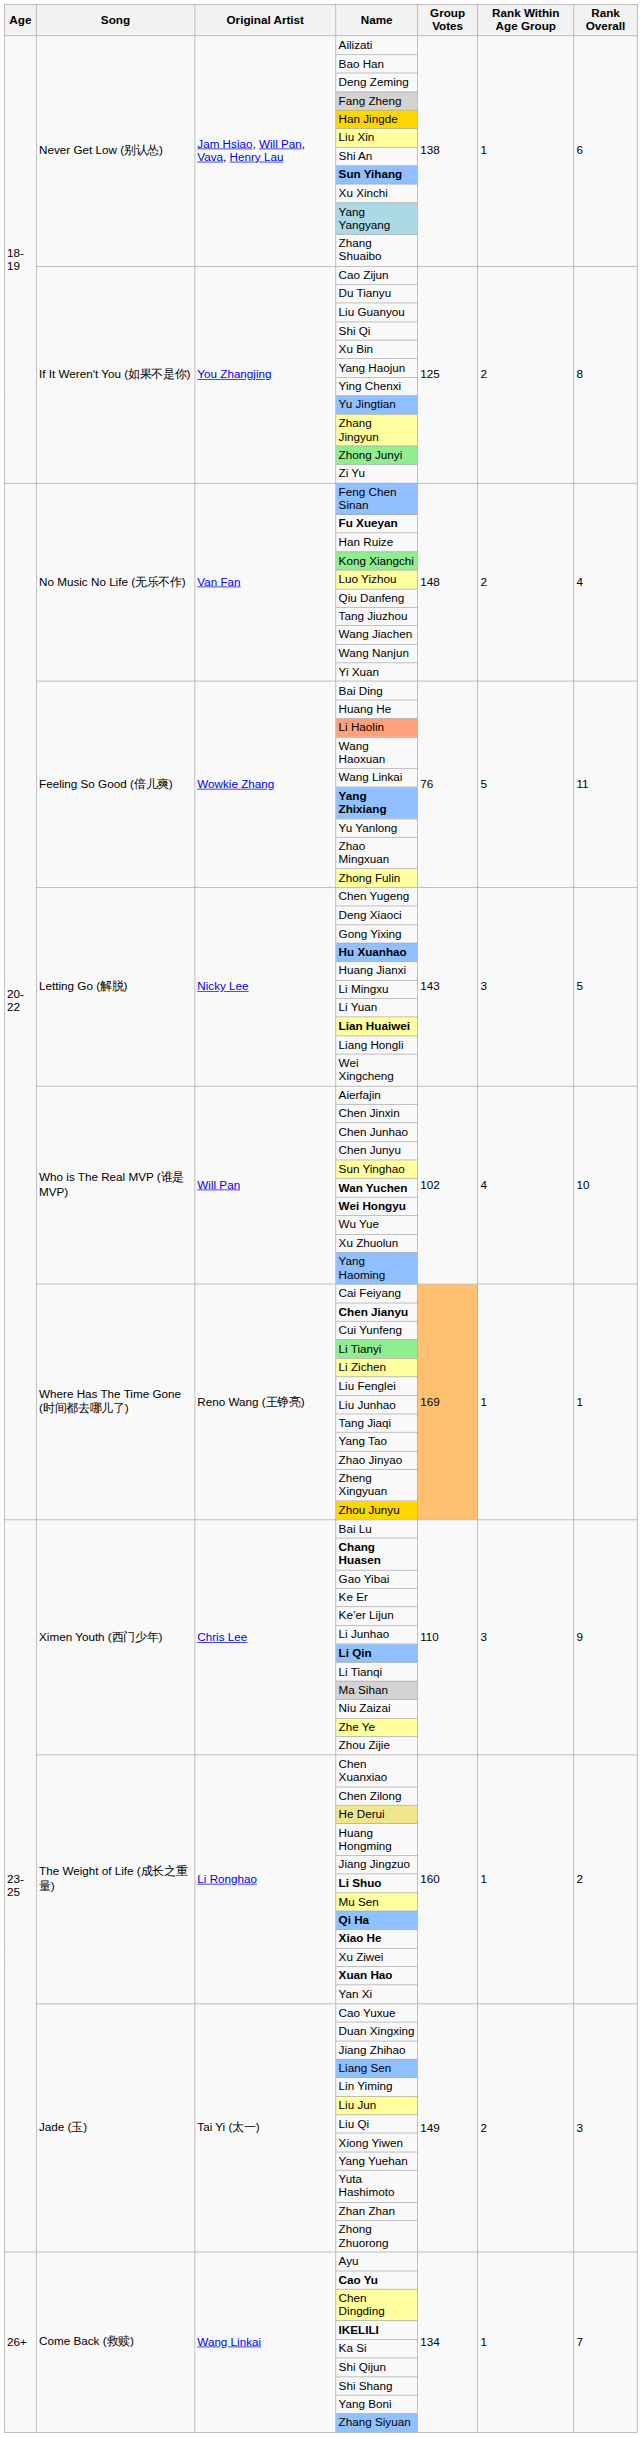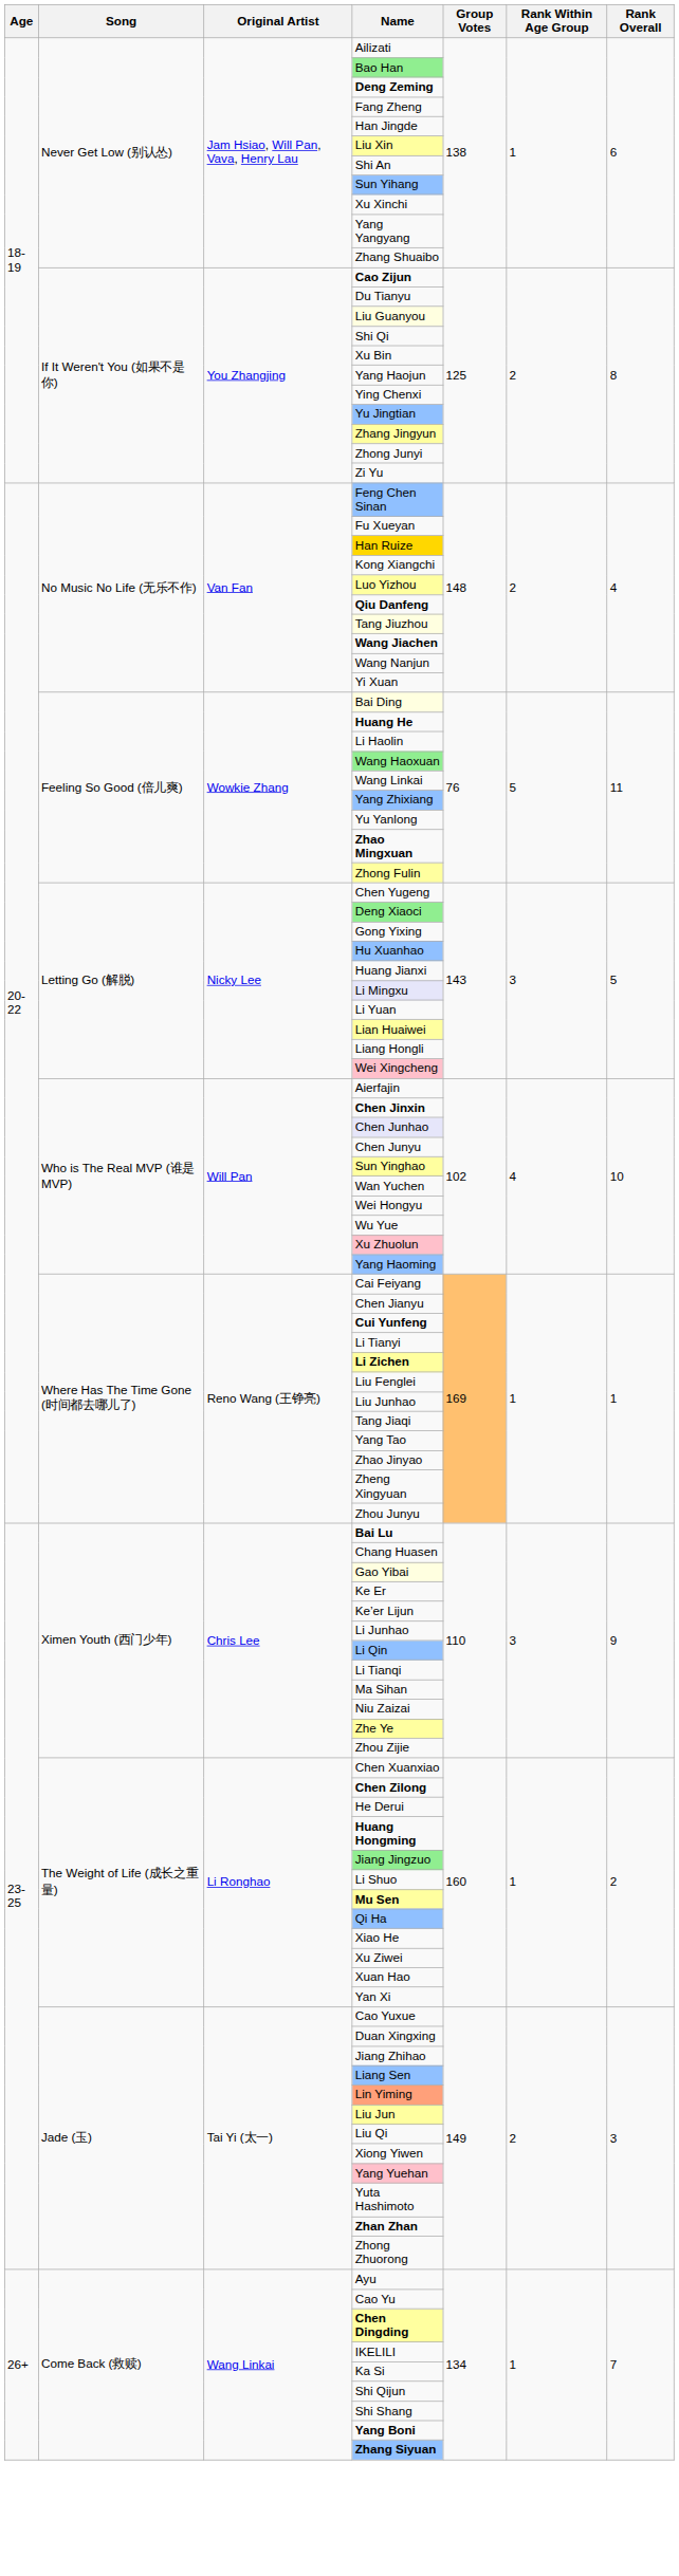 <table class="wikitable sortable mw-collapsible">
 <tr>
 <th>Age</th>
 <th>Song</th>
 <th>Original Artist</th>
 <th>Name</th>
 <th>Group Votes</th>
 <th>Rank Within Age Group</th>
 <th>Rank Overall</th>
 </tr>
 <tr>
 <td rowspan="22">18-19</td>
 <td rowspan="11">Never Get Low (别认怂)</td>
 <td rowspan="11"><a href='#'>Jam Hsiao</a>, <a href='#'>Will Pan</a>, <a href='#'>Vava</a>, <a href='#'>Henry Lau</a></td>
 <td>Ailizati</td>
 <td rowspan="11">138</td>
 <td rowspan="11">1</td>
 <td rowspan="11">6</td>
 </tr>
 <tr>
-<td>Bao Han</td>
+<td style="background: lightgreen;">Bao Han</td>
 </tr>
 <tr>
-<td>Deng Zeming</td>
+<td><strong>Deng Zeming</strong></td>
 </tr>
 <tr>
-<td style="background: lightgrey;">Fang Zheng</td>
+<td>Fang Zheng</td>
 </tr>
 <tr>
-<td style="background: gold;">Han Jingde</td>
+<td>Han Jingde</td>
 </tr>
 <tr>
 <td style="background:#FFFF9F">Liu Xin</td>
 </tr>
 <tr>
 <td>Shi An</td>
 </tr>
 <tr>
-<td style="background:#90C0FF"><strong>Sun Yihang</strong></td>
+<td style="background:#90C0FF">Sun Yihang</td>
 </tr>
 <tr>
 <td>Xu Xinchi</td>
 </tr>
 <tr>
-<td style="background: lightblue;">Yang Yangyang</td>
+<td>Yang Yangyang</td>
 </tr>
 <tr>
 <td>Zhang Shuaibo</td>
 </tr>
 <tr>
 <td rowspan="11">If It Weren't You (如果不是你)</td>
 <td rowspan="11"><a href='#'>You Zhangjing</a></td>
-<td>Cao Zijun</td>
+<td><strong>Cao Zijun</strong></td>
 <td rowspan="11">125</td>
 <td rowspan="11">2</td>
 <td rowspan="11">8</td>
 </tr>
 <tr>
 <td>Du Tianyu</td>
 </tr>
 <tr>
-<td>Liu Guanyou</td>
+<td style="background: lightyellow;">Liu Guanyou</td>
 </tr>
 <tr>
 <td>Shi Qi</td>
 </tr>
 <tr>
 <td>Xu Bin</td>
 </tr>
 <tr>
 <td>Yang Haojun</td>
 </tr>
 <tr>
 <td>Ying Chenxi</td>
 </tr>
 <tr>
 <td style="background:#90C0FF">Yu Jingtian</td>
 </tr>
 <tr>
 <td style="background:#FFFF9F">Zhang Jingyun</td>
 </tr>
 <tr>
-<td style="background: lightgreen;">Zhong Junyi</td>
+<td>Zhong Junyi</td>
 </tr>
 <tr>
 <td>Zi Yu</td>
 </tr>
 <tr>
 <td rowspan="51">20-22</td>
 <td rowspan="10">No Music No Life (无乐不作)</td>
 <td rowspan="10"><a href='#'>Van Fan</a></td>
 <td style="background:#90C0FF">Feng Chen Sinan</td>
 <td rowspan="10">148</td>
 <td rowspan="10">2</td>
 <td rowspan="10">4</td>
 </tr>
 <tr>
-<td><strong>Fu Xueyan</strong></td>
+<td>Fu Xueyan</td>
 </tr>
 <tr>
-<td>Han Ruize</td>
+<td style="background: gold;">Han Ruize</td>
 </tr>
 <tr>
-<td style="background: lightgreen;">Kong Xiangchi</td>
+<td>Kong Xiangchi</td>
 </tr>
 <tr>
 <td style="background:#FFFF9F">Luo Yizhou</td>
 </tr>
 <tr>
-<td>Qiu Danfeng</td>
+<td><strong>Qiu Danfeng</strong></td>
 </tr>
 <tr>
-<td>Tang Jiuzhou</td>
+<td style="background: lightyellow;">Tang Jiuzhou</td>
 </tr>
 <tr>
-<td>Wang Jiachen</td>
+<td><strong>Wang Jiachen</strong></td>
 </tr>
 <tr>
 <td>Wang Nanjun</td>
 </tr>
 <tr>
 <td>Yi Xuan</td>
 </tr>
 <tr>
 <td rowspan="9">Feeling So Good (倍儿爽)</td>
 <td rowspan="9"><a href='#'>Wowkie Zhang</a></td>
-<td>Bai Ding</td>
+<td style="background: lightyellow;">Bai Ding</td>
 <td rowspan="9">76</td>
 <td rowspan="9">5</td>
 <td rowspan="9">11</td>
 </tr>
 <tr>
-<td>Huang He</td>
+<td><strong>Huang He</strong></td>
 </tr>
 <tr>
-<td style="background: lightsalmon;">Li Haolin</td>
+<td>Li Haolin</td>
 </tr>
 <tr>
-<td>Wang Haoxuan</td>
+<td style="background: lightgreen;">Wang Haoxuan</td>
 </tr>
 <tr>
 <td>Wang Linkai</td>
 </tr>
 <tr>
-<td style="background:#90C0FF"><strong>Yang Zhixiang</strong></td>
+<td style="background:#90C0FF">Yang Zhixiang</td>
 </tr>
 <tr>
 <td>Yu Yanlong</td>
 </tr>
 <tr>
-<td>Zhao Mingxuan</td>
+<td><strong>Zhao Mingxuan</strong></td>
 </tr>
 <tr>
 <td style="background:#FFFF9F">Zhong Fulin</td>
 </tr>
 <tr>
 <td rowspan="10">Letting Go (解脱)</td>
 <td rowspan="10"><a href='#'>Nicky Lee</a></td>
 <td>Chen Yugeng</td>
 <td rowspan="10">143</td>
 <td rowspan="10">3</td>
 <td rowspan="10">5</td>
 </tr>
 <tr>
-<td>Deng Xiaoci</td>
+<td style="background: lightgreen;">Deng Xiaoci</td>
 </tr>
 <tr>
 <td>Gong Yixing</td>
 </tr>
 <tr>
-<td style="background:#90C0FF"><strong>Hu Xuanhao</strong></td>
+<td style="background:#90C0FF">Hu Xuanhao</td>
 </tr>
 <tr>
 <td>Huang Jianxi</td>
 </tr>
 <tr>
-<td>Li Mingxu</td>
+<td style="background: lavender;">Li Mingxu</td>
 </tr>
 <tr>
 <td>Li Yuan</td>
 </tr>
 <tr>
-<td style="background:#FFFF9F"><strong>Lian Huaiwei</strong></td>
+<td style="background:#FFFF9F">Lian Huaiwei</td>
 </tr>
 <tr>
 <td>Liang Hongli</td>
 </tr>
 <tr>
-<td>Wei Xingcheng</td>
+<td style="background: pink;">Wei Xingcheng</td>
 </tr>
 <tr>
 <td rowspan="10">Who is The Real MVP (谁是MVP)</td>
 <td rowspan="10"><a href='#'>Will Pan</a></td>
 <td>Aierfajin</td>
 <td rowspan="10">102</td>
 <td rowspan="10">4</td>
 <td rowspan="10">10</td>
 </tr>
 <tr>
-<td>Chen Jinxin</td>
+<td><strong>Chen Jinxin</strong></td>
 </tr>
 <tr>
-<td>Chen Junhao</td>
+<td style="background: lavender;">Chen Junhao</td>
 </tr>
 <tr>
 <td>Chen Junyu</td>
 </tr>
 <tr>
 <td style="background:#FFFF9F">Sun Yinghao</td>
 </tr>
 <tr>
-<td><strong>Wan Yuchen</strong></td>
+<td>Wan Yuchen</td>
 </tr>
 <tr>
-<td><strong>Wei Hongyu</strong></td>
+<td>Wei Hongyu</td>
 </tr>
 <tr>
 <td>Wu Yue</td>
 </tr>
 <tr>
-<td>Xu Zhuolun</td>
+<td style="background: pink;">Xu Zhuolun</td>
 </tr>
 <tr>
 <td style="background:#90C0FF">Yang Haoming</td>
 </tr>
 <tr>
 <td rowspan="12">Where Has The Time Gone (时间都去哪儿了)</td>
 <td rowspan="12">Reno Wang (王铮亮)</td>
 <td>Cai Feiyang</td>
 <td rowspan="12" style="background:#FFC06F">169</td>
 <td rowspan="12">1</td>
 <td rowspan="12">1</td>
 </tr>
 <tr>
-<td><strong>Chen Jianyu</strong></td>
+<td>Chen Jianyu</td>
 </tr>
 <tr>
-<td>Cui Yunfeng</td>
+<td><strong>Cui Yunfeng</strong></td>
 </tr>
 <tr>
-<td style="background: lightgreen;">Li Tianyi</td>
+<td>Li Tianyi</td>
 </tr>
 <tr>
-<td style="background:#FFFF9F">Li Zichen</td>
+<td style="background:#FFFF9F"><strong>Li Zichen</strong></td>
 </tr>
 <tr>
 <td>Liu Fenglei</td>
 </tr>
 <tr>
 <td>Liu Junhao</td>
 </tr>
 <tr>
 <td>Tang Jiaqi</td>
 </tr>
 <tr>
 <td>Yang Tao</td>
 </tr>
 <tr>
 <td>Zhao Jinyao</td>
 </tr>
 <tr>
 <td>Zheng Xingyuan</td>
 </tr>
 <tr>
-<td style="background: gold;">Zhou Junyu</td>
+<td>Zhou Junyu</td>
 </tr>
 <tr>
 <td rowspan="36">23-25</td>
 <td rowspan="12">Ximen Youth (西门少年)</td>
 <td rowspan="12"><a href='#'>Chris Lee</a></td>
-<td>Bai Lu</td>
+<td><strong>Bai Lu</strong></td>
 <td rowspan="12">110</td>
 <td rowspan="12">3</td>
 <td rowspan="12">9</td>
 </tr>
 <tr>
-<td><strong>Chang Huasen</strong></td>
+<td>Chang Huasen</td>
 </tr>
 <tr>
-<td>Gao Yibai</td>
+<td style="background: lightyellow;">Gao Yibai</td>
 </tr>
 <tr>
 <td>Ke Er</td>
 </tr>
 <tr>
 <td>Ke’er Lijun</td>
 </tr>
 <tr>
 <td>Li Junhao</td>
 </tr>
 <tr>
-<td style="background:#90C0FF"><strong>Li Qin</strong></td>
+<td style="background:#90C0FF">Li Qin</td>
 </tr>
 <tr>
 <td>Li Tianqi</td>
 </tr>
 <tr>
-<td style="background: lightgrey;">Ma Sihan</td>
+<td>Ma Sihan</td>
 </tr>
 <tr>
 <td>Niu Zaizai</td>
 </tr>
 <tr>
 <td style="background:#FFFF9F">Zhe Ye</td>
 </tr>
 <tr>
 <td>Zhou Zijie</td>
 </tr>
 <tr>
 <td rowspan="12">The Weight of Life (成长之重量)</td>
 <td rowspan="12"><a href='#'>Li Ronghao</a></td>
 <td>Chen Xuanxiao</td>
 <td rowspan="12">160</td>
 <td rowspan="12">1</td>
 <td rowspan="12">2</td>
 </tr>
 <tr>
-<td>Chen Zilong</td>
+<td><strong>Chen Zilong</strong></td>
 </tr>
 <tr>
-<td style="background: khaki;">He Derui</td>
+<td>He Derui</td>
 </tr>
 <tr>
-<td>Huang Hongming</td>
+<td><strong>Huang Hongming</strong></td>
 </tr>
 <tr>
-<td>Jiang Jingzuo</td>
+<td style="background: lightgreen;">Jiang Jingzuo</td>
 </tr>
 <tr>
-<td><strong>Li Shuo</strong></td>
+<td>Li Shuo</td>
 </tr>
 <tr>
-<td style="background:#FFFF9F">Mu Sen</td>
+<td style="background:#FFFF9F"><strong>Mu Sen</strong></td>
 </tr>
 <tr>
-<td style="background:#90C0FF"><strong>Qi Ha</strong></td>
+<td style="background:#90C0FF">Qi Ha</td>
 </tr>
 <tr>
-<td><strong>Xiao He</strong></td>
+<td>Xiao He</td>
 </tr>
 <tr>
 <td>Xu Ziwei</td>
 </tr>
 <tr>
-<td><strong>Xuan Hao</strong></td>
+<td>Xuan Hao</td>
 </tr>
 <tr>
 <td>Yan Xi</td>
 </tr>
 <tr>
 <td rowspan="12">Jade (玉)</td>
 <td rowspan="12">Tai Yi (太一)</td>
 <td>Cao Yuxue</td>
 <td rowspan="12">149</td>
 <td rowspan="12">2</td>
 <td rowspan="12">3</td>
 </tr>
 <tr>
 <td>Duan Xingxing</td>
 </tr>
 <tr>
 <td>Jiang Zhihao</td>
 </tr>
 <tr>
 <td style="background:#90C0FF">Liang Sen</td>
 </tr>
 <tr>
-<td>Lin Yiming</td>
+<td style="background: lightsalmon;">Lin Yiming</td>
 </tr>
 <tr>
 <td style="background:#FFFF9F">Liu Jun</td>
 </tr>
 <tr>
 <td>Liu Qi</td>
 </tr>
 <tr>
 <td>Xiong Yiwen</td>
 </tr>
 <tr>
-<td>Yang Yuehan</td>
+<td style="background: pink;">Yang Yuehan</td>
 </tr>
 <tr>
 <td>Yuta Hashimoto</td>
 </tr>
 <tr>
-<td>Zhan Zhan</td>
+<td><strong>Zhan Zhan</strong></td>
 </tr>
 <tr>
 <td>Zhong Zhuorong</td>
 </tr>
 <tr>
 <td rowspan="9">26+</td>
 <td rowspan="9">Come Back (救赎)</td>
 <td rowspan="9"><a href='#'>Wang Linkai</a></td>
 <td>Ayu</td>
 <td rowspan="9">134</td>
 <td rowspan="9">1</td>
 <td rowspan="9">7</td>
 </tr>
 <tr>
-<td><strong>Cao Yu</strong></td>
+<td>Cao Yu</td>
 </tr>
 <tr>
-<td style="background:#FFFF9F">Chen Dingding</td>
+<td style="background:#FFFF9F"><strong>Chen Dingding</strong></td>
 </tr>
 <tr>
-<td><strong>IKELILI</strong></td>
+<td>IKELILI</td>
 </tr>
 <tr>
 <td>Ka Si</td>
 </tr>
 <tr>
 <td>Shi Qijun</td>
 </tr>
 <tr>
 <td>Shi Shang</td>
 </tr>
 <tr>
-<td>Yang Boni</td>
+<td><strong>Yang Boni</strong></td>
 </tr>
 <tr>
-<td style="background:#90C0FF">Zhang Siyuan</td>
+<td style="background:#90C0FF"><strong>Zhang Siyuan</strong></td>
 </tr>
 </table>
